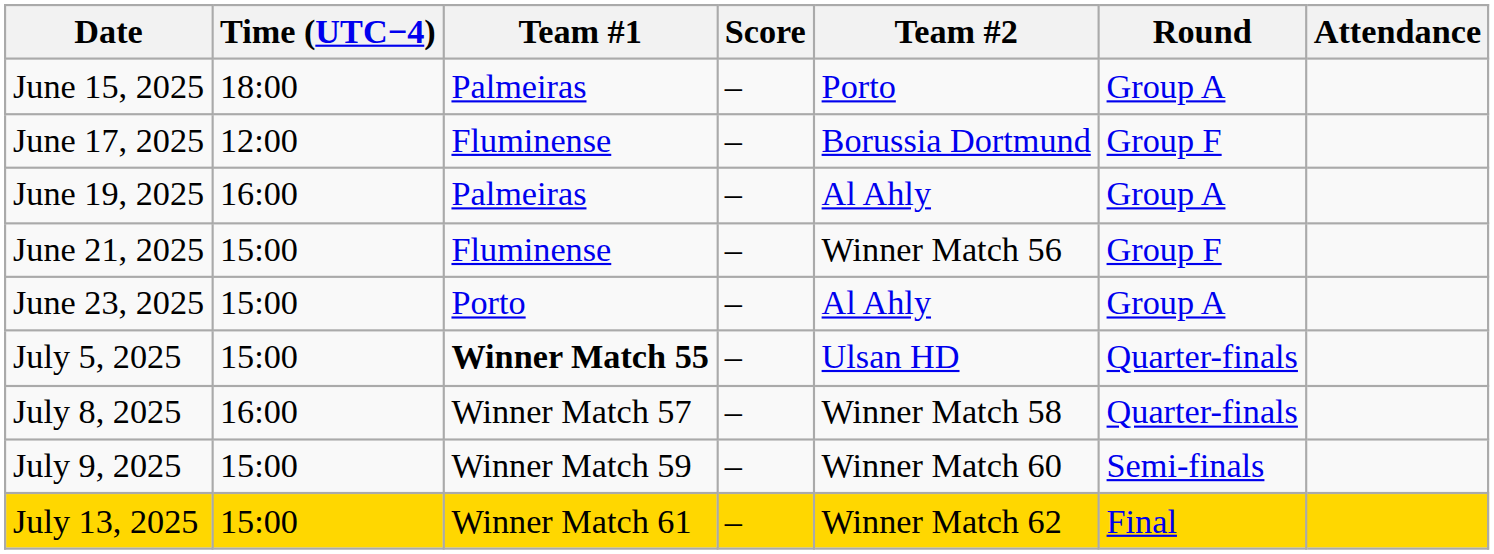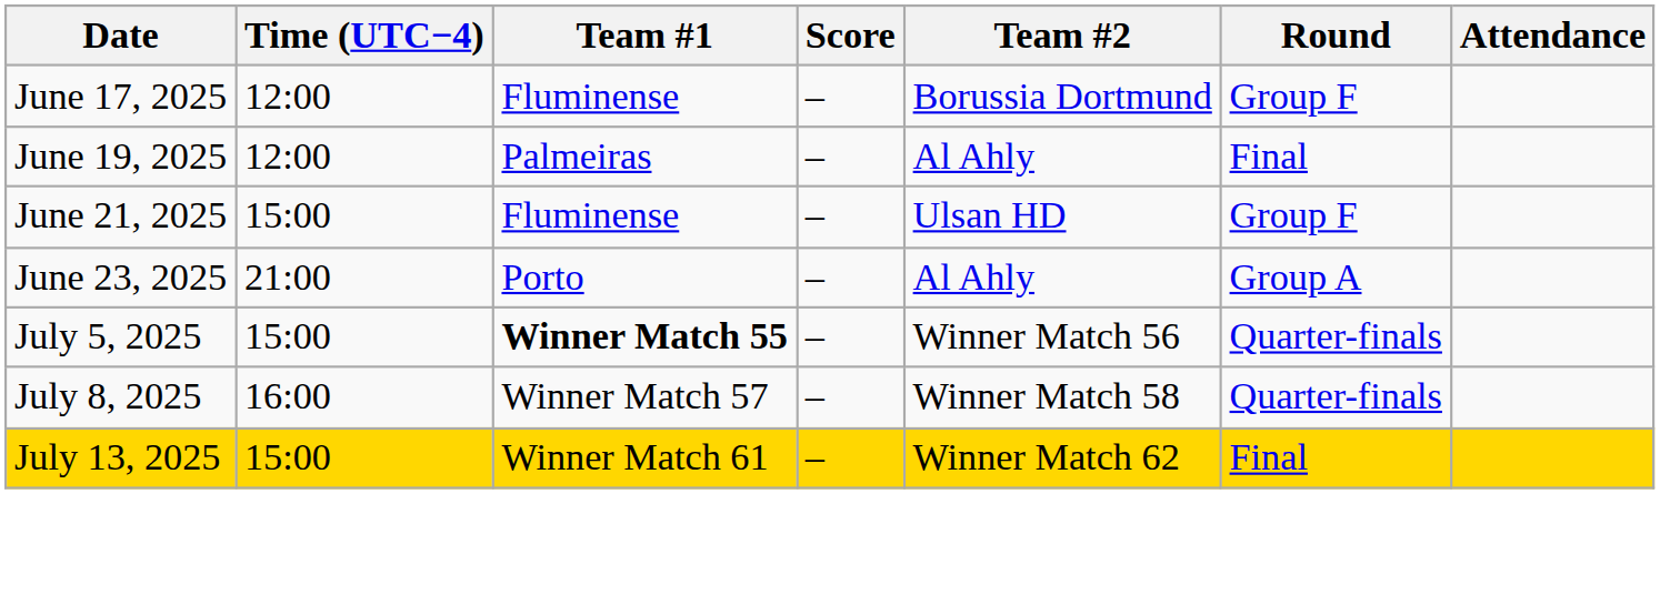 <table class="wikitable sortable">
 <tr>
 <th style="text-align:center;">Date</th>
 <th style="text-align:center;">Time (<a href='#'>UTC−4</a>)</th>
 <th style="text-align:center;">Team #1</th>
 <th style="text-align:center;">Score</th>
 <th style="text-align:center;">Team #2</th>
 <th style="text-align:center;">Round</th>
 <th>Attendance</th>
-</tr>
-<tr>
-<td>June 15, 2025</td>
-<td>18:00</td>
-<td><a href='#'>Palmeiras</a> </td>
-<td>–</td>
-<td> <a href='#'>Porto</a></td>
-<td><a href='#'>Group A</a></td>
-<td></td>
 </tr>
 <tr>
 <td>June 17, 2025</td>
 <td>12:00</td>
 <td><a href='#'>Fluminense</a> </td>
 <td>–</td>
 <td> <a href='#'>Borussia Dortmund</a></td>
 <td><a href='#'>Group F</a></td>
 <td></td>
 </tr>
 <tr>
 <td>June 19, 2025</td>
-<td>16:00</td>
+<td>12:00</td>
 <td><a href='#'>Palmeiras</a> </td>
 <td>–</td>
 <td> <a href='#'>Al Ahly</a></td>
-<td><a href='#'>Group A</a></td>
+<td><a href='#'>Final</a></td>
 <td></td>
 </tr>
 <tr>
 <td>June 21, 2025</td>
 <td>15:00</td>
 <td><a href='#'>Fluminense</a> </td>
 <td>–</td>
-<td>Winner Match 56</td>
+<td> <a href='#'>Ulsan HD</a></td>
 <td><a href='#'>Group F</a></td>
 <td></td>
 </tr>
 <tr>
 <td>June 23, 2025</td>
-<td>15:00</td>
+<td>21:00</td>
 <td><a href='#'>Porto</a> </td>
 <td>–</td>
 <td> <a href='#'>Al Ahly</a></td>
 <td><a href='#'>Group A</a></td>
 <td></td>
 </tr>
 <tr>
 <td>July 5, 2025</td>
 <td>15:00</td>
 <td><strong>Winner Match 55</strong></td>
 <td>–</td>
-<td> <a href='#'>Ulsan HD</a></td>
+<td>Winner Match 56</td>
 <td><a href='#'>Quarter-finals</a></td>
 <td></td>
 </tr>
 <tr>
 <td>July 8, 2025</td>
 <td>16:00</td>
 <td>Winner Match 57</td>
 <td>–</td>
 <td>Winner Match 58</td>
 <td><a href='#'>Quarter-finals</a></td>
 <td></td>
 </tr>
-<tr>
-<td>July 9, 2025</td>
-<td>15:00</td>
-<td>Winner Match 59</td>
-<td>–</td>
-<td>Winner Match 60</td>
-<td><a href='#'>Semi-finals</a></td>
-<td></td>
-</tr>
 <tr bgcolor=gold>
 <td>July 13, 2025</td>
 <td>15:00</td>
 <td>Winner Match 61</td>
 <td>–</td>
 <td>Winner Match 62</td>
 <td><a href='#'>Final</a></td>
 <td></td>
 </tr>
 </table>
